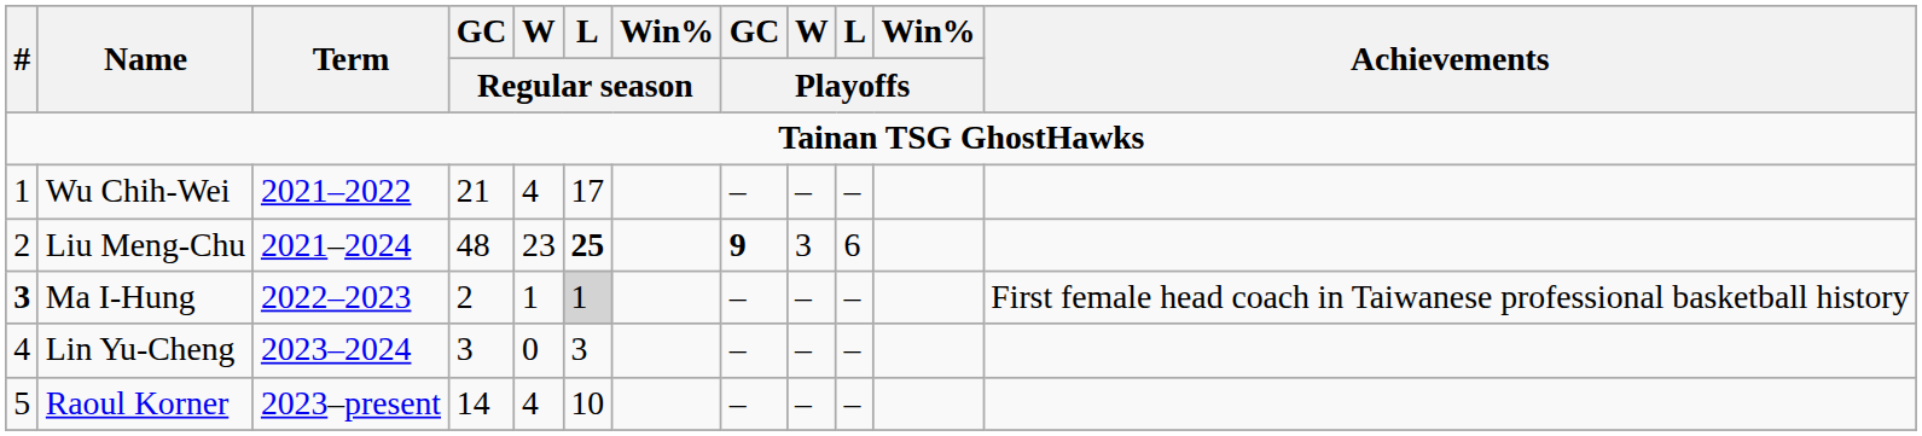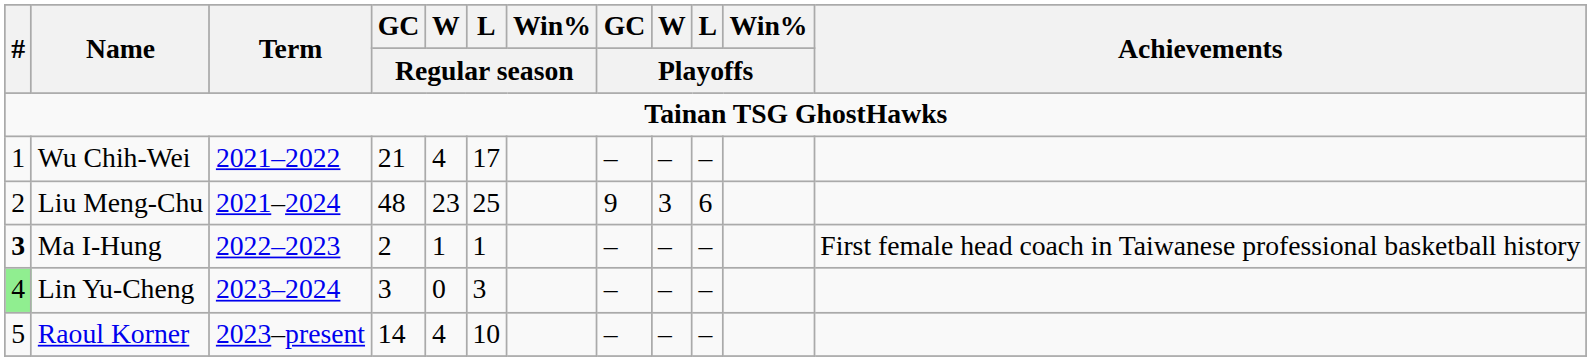 <table class="wikitable sortable">
 <tr>
 <th rowspan="2">#</th>
 <th rowspan="2">Name</th>
 <th rowspan="2">Term</th>
 <th>GC</th>
 <th>W</th>
 <th>L</th>
 <th>Win%</th>
 <th>GC</th>
 <th>W</th>
 <th>L</th>
 <th>Win%</th>
 <th rowspan="2" class=unsortable>Achievements</th>
 </tr>
 <tr class="unsortable">
 <th colspan="4">Regular season</th>
 <th colspan="4">Playoffs</th>
 </tr>
 <tr>
 <td align=center colspan="15"><strong>Tainan TSG GhostHawks</strong></td>
 </tr>
 <tr>
 <td align=center>1</td>
 <td>Wu Chih-Wei</td>
 <td><a href='#'>2021–2022</a></td>
 <td>21</td>
 <td>4</td>
 <td>17</td>
 <td></td>
 <td>–</td>
 <td>–</td>
 <td>–</td>
 <td></td>
 <td></td>
 </tr>
 <tr>
 <td align=center>2</td>
 <td>Liu Meng-Chu</td>
 <td><a href='#'>2021</a>–<a href='#'>2024</a></td>
 <td>48</td>
 <td>23</td>
-<td><strong>25</strong></td>
+<td>25</td>
 <td></td>
-<td><strong>9</strong></td>
+<td>9</td>
 <td>3</td>
 <td>6</td>
 <td></td>
 <td></td>
 </tr>
 <tr>
 <td align=center><strong>3</strong></td>
 <td>Ma I-Hung</td>
 <td><a href='#'>2022–2023</a></td>
 <td>2</td>
 <td>1</td>
-<td style="background: lightgrey;">1</td>
+<td>1</td>
 <td></td>
 <td>–</td>
 <td>–</td>
 <td>–</td>
 <td></td>
 <td>First female head coach in Taiwanese professional basketball history</td>
 </tr>
 <tr>
-<td align=center>4</td>
+<td align=center style="background: lightgreen;">4</td>
 <td>Lin Yu-Cheng</td>
 <td><a href='#'>2023–2024</a></td>
 <td>3</td>
 <td>0</td>
 <td>3</td>
 <td></td>
 <td>–</td>
 <td>–</td>
 <td>–</td>
 <td></td>
 <td></td>
 </tr>
 <tr>
 <td align=center>5</td>
 <td><a href='#'>Raoul Korner</a></td>
 <td><a href='#'>2023</a>–<a href='#'>present</a></td>
 <td>14</td>
 <td>4</td>
 <td>10</td>
 <td></td>
 <td>–</td>
 <td>–</td>
 <td>–</td>
 <td></td>
 <td></td>
 </tr>
 </table>
